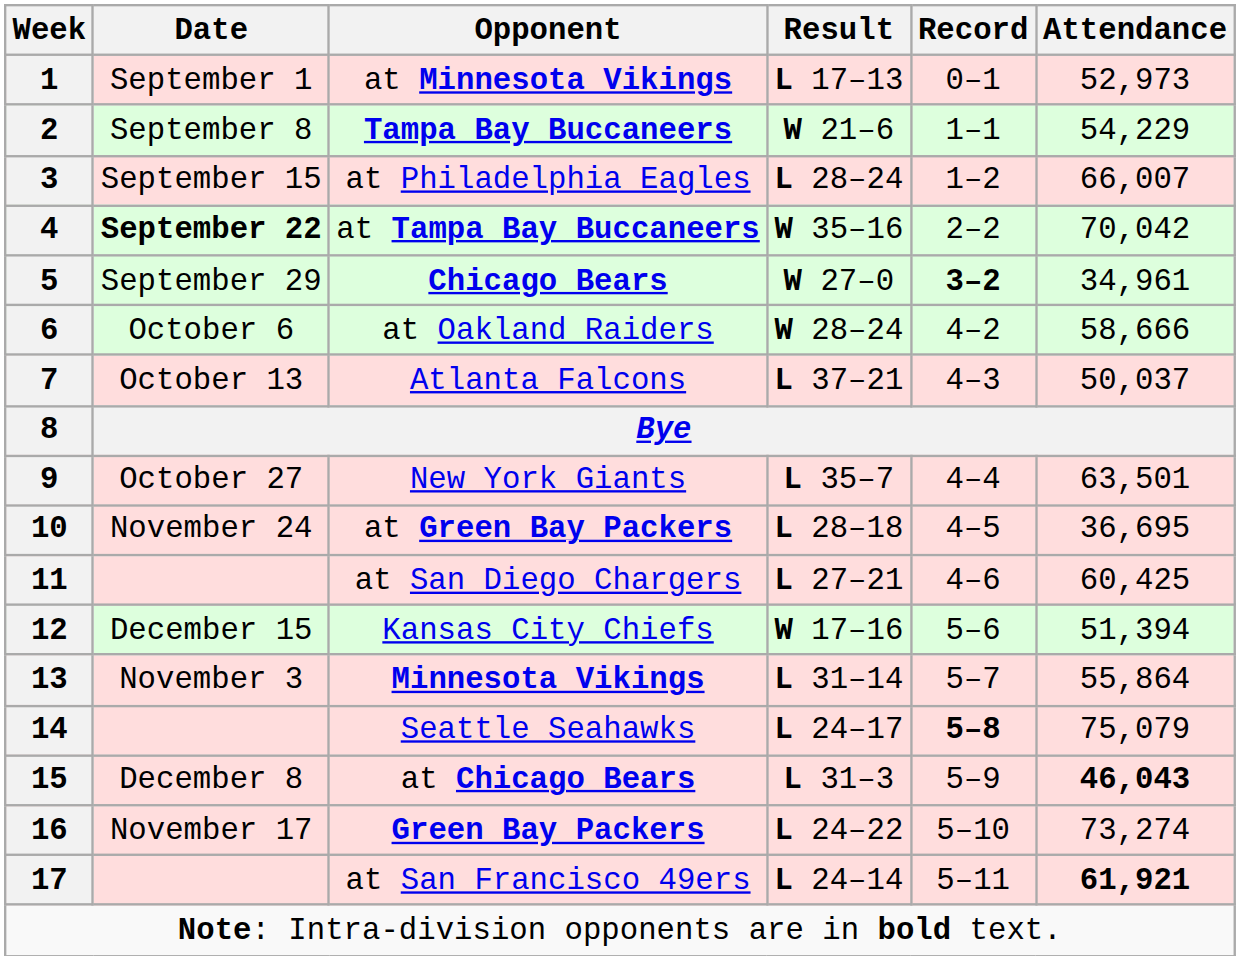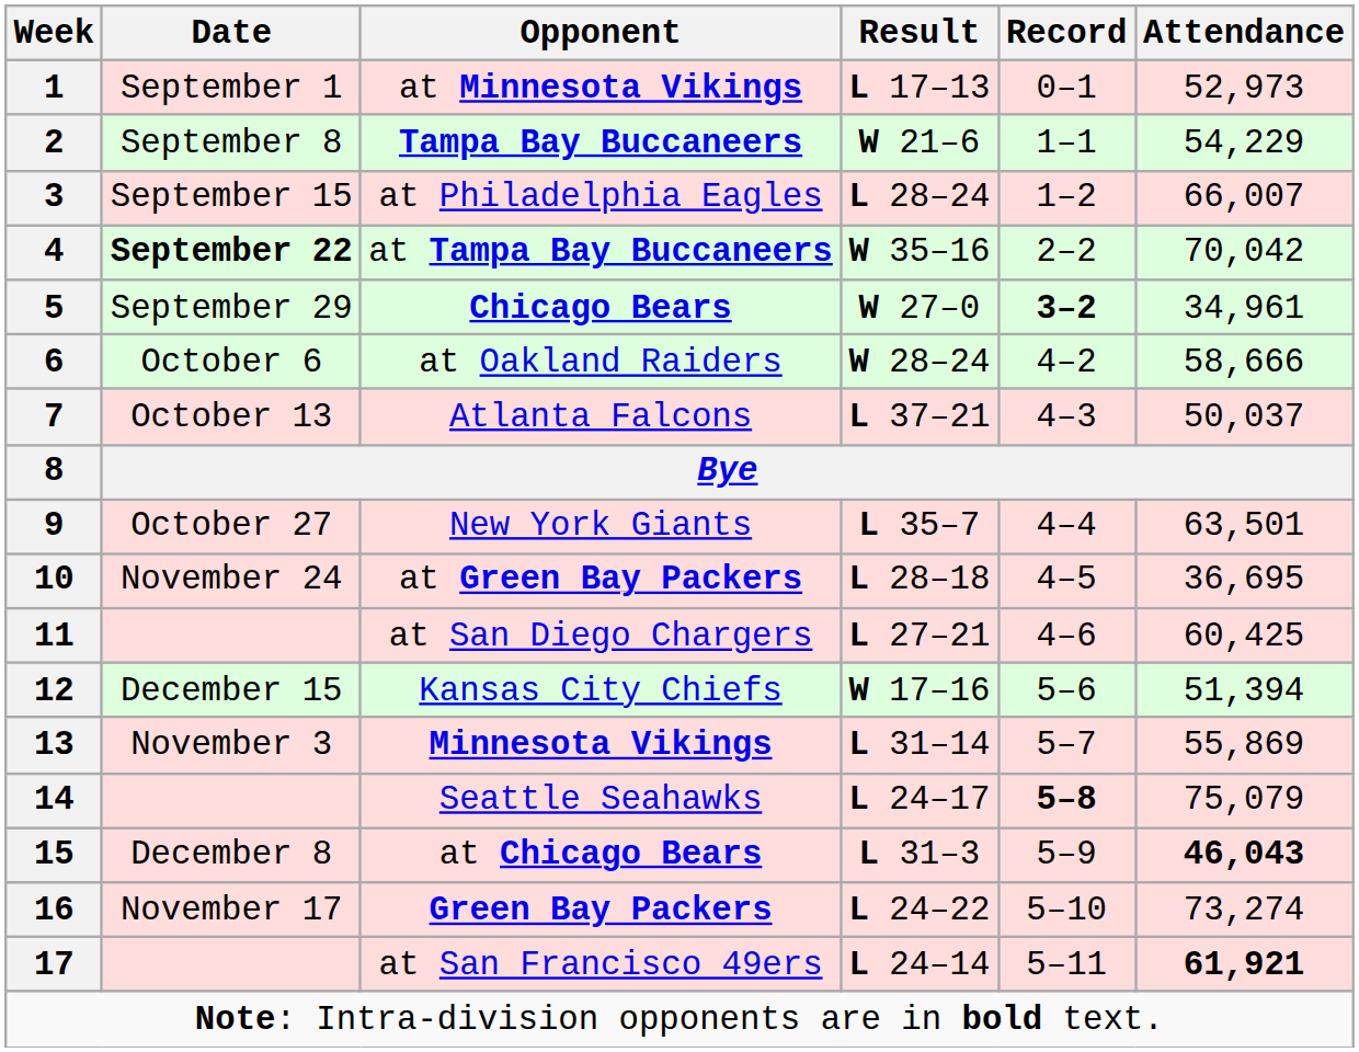 <table class="wikitable"  style="text-align: center;">
 <tr>
 <th>Week</th>
 <th>Date</th>
 <th>Opponent</th>
 <th>Result</th>
 <th>Record</th>
 <th>Attendance</th>
 </tr>
 <tr style="background: #ffdddd;">
 <th>1</th>
 <td>September 1</td>
 <td>at <strong><a href='#'>Minnesota Vikings</a></strong></td>
 <td><strong>L</strong> 17–13</td>
 <td>0–1</td>
 <td>52,973</td>
 </tr>
 <tr style="background: #ddffdd;">
 <th>2</th>
 <td>September 8</td>
 <td><strong><a href='#'>Tampa Bay Buccaneers</a></strong></td>
 <td><strong>W</strong> 21–6</td>
 <td>1–1</td>
 <td>54,229</td>
 </tr>
 <tr style="background: #ffdddd;">
 <th>3</th>
 <td>September 15</td>
 <td>at <a href='#'>Philadelphia Eagles</a></td>
 <td><strong>L</strong> 28–24</td>
 <td>1–2</td>
 <td>66,007</td>
 </tr>
 <tr style="background: #ddffdd;">
 <th>4</th>
 <td><strong>September 22</strong></td>
 <td>at <strong><a href='#'>Tampa Bay Buccaneers</a></strong></td>
 <td><strong>W</strong> 35–16</td>
 <td>2–2</td>
 <td>70,042</td>
 </tr>
 <tr style="background: #ddffdd;">
 <th>5</th>
 <td>September 29</td>
 <td><strong><a href='#'>Chicago Bears</a></strong></td>
 <td><strong>W</strong> 27–0</td>
 <td><strong>3–2</strong></td>
 <td>34,961</td>
 </tr>
 <tr style="background: #ddffdd;">
 <th>6</th>
 <td>October 6</td>
 <td>at <a href='#'>Oakland Raiders</a></td>
 <td><strong>W</strong> 28–24</td>
 <td>4–2</td>
 <td>58,666</td>
 </tr>
 <tr style="background: #ffdddd;">
 <th>7</th>
 <td>October 13</td>
 <td><a href='#'>Atlanta Falcons</a></td>
 <td><strong>L</strong> 37–21</td>
 <td>4–3</td>
 <td>50,037</td>
 </tr>
 <tr>
 <th>8</th>
 <th colspan="5"><em><a href='#'>Bye</a></em></th>
 </tr>
 <tr style="background: #ffdddd;">
 <th>9</th>
 <td>October 27</td>
 <td><a href='#'>New York Giants</a></td>
 <td><strong>L</strong> 35–7</td>
 <td>4–4</td>
 <td>63,501</td>
 </tr>
 <tr style="background: #ffdddd;">
 <th>10</th>
 <td>November 24</td>
 <td>at <strong><a href='#'>Green Bay Packers</a></strong></td>
 <td><strong>L</strong> 28–18</td>
 <td>4–5</td>
 <td>36,695</td>
 </tr>
 <tr style="background: #ffdddd;">
 <th>11</th>
 <td></td>
 <td>at <a href='#'>San Diego Chargers</a></td>
 <td><strong>L</strong> 27–21</td>
 <td>4–6</td>
 <td>60,425</td>
 </tr>
 <tr style="background: #ddffdd;">
 <th>12</th>
 <td>December 15</td>
 <td><a href='#'>Kansas City Chiefs</a></td>
 <td><strong>W</strong> 17–16</td>
 <td>5–6</td>
 <td>51,394</td>
 </tr>
 <tr style="background: #ffdddd;">
 <th>13</th>
 <td>November 3</td>
 <td><strong><a href='#'>Minnesota Vikings</a></strong></td>
 <td><strong>L</strong> 31–14</td>
 <td>5–7</td>
-<td>55,864</td>
+<td>55,869</td>
 </tr>
 <tr style="background: #ffdddd;">
 <th>14</th>
 <td></td>
 <td><a href='#'>Seattle Seahawks</a></td>
 <td><strong>L</strong> 24–17</td>
 <td><strong>5–8</strong></td>
 <td>75,079</td>
 </tr>
 <tr style="background: #ffdddd;">
 <th>15</th>
 <td>December 8</td>
 <td>at <strong><a href='#'>Chicago Bears</a></strong></td>
 <td><strong>L</strong> 31–3</td>
 <td>5–9</td>
 <td><strong>46,043</strong></td>
 </tr>
 <tr style="background: #ffdddd;">
 <th>16</th>
 <td>November 17</td>
 <td><strong><a href='#'>Green Bay Packers</a></strong></td>
 <td><strong>L</strong> 24–22</td>
 <td>5–10</td>
 <td>73,274</td>
 </tr>
 <tr style="background: #ffdddd;">
 <th>17</th>
 <td></td>
 <td>at <a href='#'>San Francisco 49ers</a></td>
 <td><strong>L</strong> 24–14</td>
 <td>5–11</td>
 <td><strong>61,921</strong></td>
 </tr>
 <tr>
 <td colspan="6"><strong>Note</strong>: Intra-division opponents are in <strong>bold</strong> text.</td>
 </tr>
 </table>
